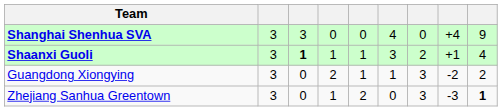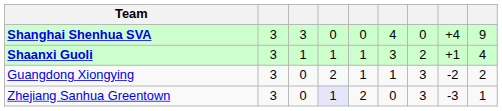 <table class="wikitable" style="text-align:center;">
 <tr>
 <th width=310>Team</th>
 <th width=30></th>
 <th width=30></th>
 <th width=30></th>
 <th width=30></th>
 <th width=30></th>
 <th width=30></th>
 <th width=30></th>
 <th width=30></th>
 </tr>
 <tr bgcolor="#ccffcc">
 <td align="left"><strong><a href='#'>Shanghai Shenhua SVA</a></strong></td>
 <td>3</td>
 <td>3</td>
 <td>0</td>
 <td>0</td>
 <td>4</td>
 <td>0</td>
 <td>+4</td>
 <td>9</td>
 </tr>
 <tr bgcolor="#ccffcc">
 <td align="left"><strong><a href='#'>Shaanxi Guoli</a></strong></td>
 <td>3</td>
-<td><strong>1</strong></td>
+<td>1</td>
 <td>1</td>
 <td>1</td>
 <td>3</td>
 <td>2</td>
 <td>+1</td>
 <td>4</td>
 </tr>
 <tr>
 <td align="left"><a href='#'>Guangdong Xiongying</a></td>
 <td>3</td>
 <td>0</td>
 <td>2</td>
 <td>1</td>
 <td>1</td>
 <td>3</td>
 <td>-2</td>
 <td>2</td>
 </tr>
 <tr>
 <td align="left"><a href='#'>Zhejiang Sanhua Greentown</a></td>
 <td>3</td>
 <td>0</td>
-<td>1</td>
+<td style="background: lavender;">1</td>
 <td>2</td>
 <td>0</td>
 <td>3</td>
 <td>-3</td>
-<td><strong>1</strong></td>
+<td>1</td>
 </tr>
 </table>
